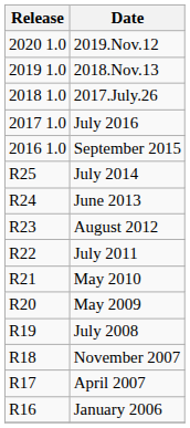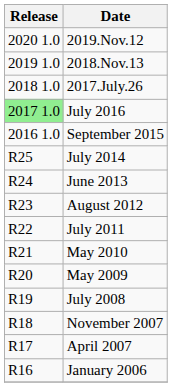 <table class="wikitable">
 <tr>
 <th>Release</th>
 <th>Date</th>
 </tr>
 <tr>
 <td>2020 1.0</td>
 <td>2019.Nov.12</td>
 </tr>
 <tr>
 <td>2019 1.0</td>
 <td>2018.Nov.13</td>
 </tr>
 <tr>
 <td>2018 1.0</td>
 <td>2017.July.26</td>
 </tr>
 <tr>
-<td>2017 1.0</td>
+<td style="background: lightgreen;">2017 1.0</td>
 <td>July 2016</td>
 </tr>
 <tr>
 <td>2016 1.0</td>
 <td>September 2015</td>
 </tr>
 <tr>
 <td>R25</td>
 <td>July 2014</td>
 </tr>
 <tr>
 <td>R24</td>
 <td>June 2013</td>
 </tr>
 <tr>
 <td>R23</td>
 <td>August 2012</td>
 </tr>
 <tr>
 <td>R22</td>
 <td>July 2011</td>
 </tr>
 <tr>
 <td>R21</td>
 <td>May 2010</td>
 </tr>
 <tr>
 <td>R20</td>
 <td>May 2009</td>
 </tr>
 <tr>
 <td>R19</td>
 <td>July 2008</td>
 </tr>
 <tr>
 <td>R18</td>
 <td>November 2007</td>
 </tr>
 <tr>
 <td>R17</td>
 <td>April 2007</td>
 </tr>
 <tr>
 <td>R16</td>
 <td>January 2006</td>
 </tr>
 <tr>
 </tr>
 </table>
